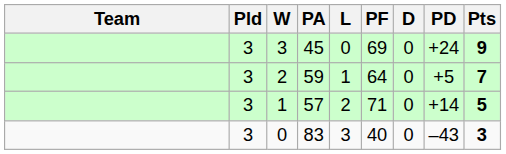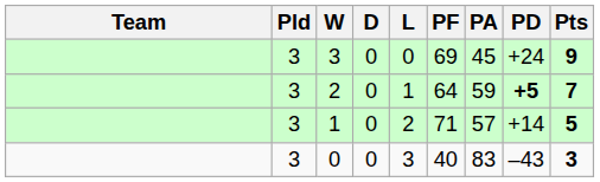 <table class="wikitable" style="text-align:center;">
 <tr>
 <th width=190>Team</th>
 <th width=20 abbr="Played">Pld</th>
 <th width=20 abbr="Won">W</th>
-<th width=20 abbr="Points against">PA</th>
+<th width=20 abbr="Drawn">D</th>
 <th width=20 abbr="Lost">L</th>
 <th width=20 abbr="Points for">PF</th>
-<th width=20 abbr="Drawn">D</th>
+<th width=20 abbr="Points against">PA</th>
 <th width=25 abbr="Points difference">PD</th>
 <th width=20 abbr="Points">Pts</th>
 </tr>
 <tr style="background:#ccffcc">
 <td align=left></td>
 <td>3</td>
 <td>3</td>
-<td>45</td>
+<td>0</td>
 <td>0</td>
 <td>69</td>
-<td>0</td>
+<td>45</td>
 <td>+24</td>
 <td><strong>9</strong></td>
 </tr>
 <tr style="background:#ccffcc">
 <td align=left></td>
 <td>3</td>
 <td>2</td>
-<td>59</td>
+<td>0</td>
 <td>1</td>
 <td>64</td>
-<td>0</td>
-<td>+5</td>
+<td>59</td>
+<td><strong>+5</strong></td>
 <td><strong>7</strong></td>
 </tr>
 <tr style="background:#ccffcc">
 <td align=left></td>
 <td>3</td>
 <td>1</td>
-<td>57</td>
+<td>0</td>
 <td>2</td>
 <td>71</td>
-<td>0</td>
+<td>57</td>
 <td>+14</td>
 <td><strong>5</strong></td>
 </tr>
 <tr>
 <td align=left></td>
 <td>3</td>
 <td>0</td>
-<td>83</td>
+<td>0</td>
 <td>3</td>
 <td>40</td>
-<td>0</td>
+<td>83</td>
 <td>–43</td>
 <td><strong>3</strong></td>
 </tr>
 </table>
